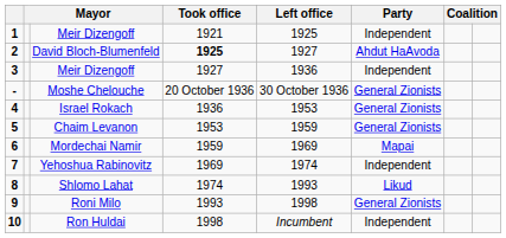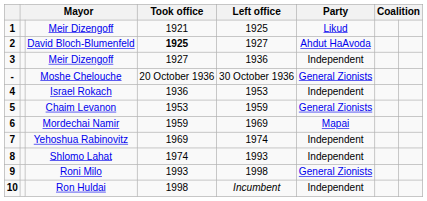 <table class="wikitable" style="text-align: center;">
 <tr>
 <th><br></th>
 <th colspan="2">Mayor</th>
 <th>Took office</th>
 <th>Left office</th>
 <th>Party</th>
 <th colspan="2">Coalition</th>
 </tr>
 <tr>
 <td rowspan="1" style="background: "><strong>1</strong></td>
 <td rowspan="1"></td>
 <td rowspan="1"><a href='#'>Meir Dizengoff</a></td>
 <td rowspan="1">1921</td>
 <td rowspan="1">1925</td>
-<td rowspan="1">Independent</td>
+<td rowspan="1"><a href='#'>Likud</a></td>
 <td style="background: "></td>
 <td></td>
 </tr>
 <tr>
 <td rowspan="1" style="background: "><strong>2</strong></td>
 <td rowspan="1"></td>
 <td rowspan="1"><a href='#'>David Bloch-Blumenfeld</a></td>
 <td rowspan="1"><strong>1925</strong></td>
 <td rowspan="1">1927</td>
 <td rowspan="1"><a href='#'>Ahdut HaAvoda</a></td>
 <td style="background: "></td>
 <td></td>
 </tr>
 <tr>
 <td rowspan="1" style="background: "><strong>3</strong></td>
 <td rowspan="1"></td>
 <td rowspan="1"><a href='#'>Meir Dizengoff</a></td>
 <td rowspan="1">1927</td>
 <td rowspan="1">1936</td>
 <td rowspan="1">Independent</td>
 <td style="background: "></td>
 <td></td>
 </tr>
 <tr>
 <td rowspan="1" style="background: "><strong>-</strong></td>
 <td rowspan="1"></td>
 <td rowspan="1"><a href='#'>Moshe Chelouche</a></td>
 <td rowspan="1">20 October 1936</td>
 <td rowspan="1">30 October 1936</td>
 <td rowspan="1"><a href='#'>General Zionists</a></td>
 <td style="background: "></td>
 <td></td>
 </tr>
 <tr>
 <td rowspan="1" style="background: "><strong>4</strong></td>
 <td rowspan="1"></td>
 <td rowspan="1"><a href='#'>Israel Rokach</a></td>
 <td rowspan="1">1936</td>
 <td rowspan="1">1953</td>
-<td rowspan="1"><a href='#'>General Zionists</a></td>
+<td rowspan="1">Independent</td>
 <td style="background: "></td>
 <td></td>
 </tr>
 <tr>
 <td rowspan="1" style="background: "><strong>5</strong></td>
 <td rowspan="1"></td>
 <td rowspan="1"><a href='#'>Chaim Levanon</a></td>
 <td rowspan="1">1953</td>
 <td rowspan="1">1959</td>
 <td rowspan="1"><a href='#'>General Zionists</a></td>
 <td style="background: "></td>
 <td></td>
 </tr>
 <tr>
 <td rowspan="1" style="background: "><strong>6</strong></td>
 <td rowspan="1"></td>
 <td rowspan="1"><a href='#'>Mordechai Namir</a></td>
 <td rowspan="1">1959</td>
 <td rowspan="1">1969</td>
 <td rowspan="1"><a href='#'>Mapai</a></td>
 <td style="background: "></td>
 <td></td>
 </tr>
 <tr>
 <td rowspan="1" style="background: "><strong>7</strong></td>
 <td rowspan="1"></td>
 <td rowspan="1"><a href='#'>Yehoshua Rabinovitz</a></td>
 <td rowspan="1">1969</td>
 <td rowspan="1">1974</td>
 <td rowspan="1">Independent</td>
 <td style="background: "></td>
 <td></td>
 </tr>
 <tr>
 <td rowspan="1" style="background: "><strong>8</strong></td>
 <td rowspan="1"></td>
 <td rowspan="1"><a href='#'>Shlomo Lahat</a></td>
 <td rowspan="1">1974</td>
 <td rowspan="1">1993</td>
-<td rowspan="1"><a href='#'>Likud</a></td>
+<td rowspan="1">Independent</td>
 <td style="background: "></td>
 <td></td>
 </tr>
 <tr>
 <td rowspan="1" style="background: "><strong>9</strong></td>
 <td rowspan="1"></td>
 <td rowspan="1"><a href='#'>Roni Milo</a></td>
 <td rowspan="1">1993</td>
 <td rowspan="1">1998</td>
 <td rowspan="1"><a href='#'>General Zionists</a></td>
 <td style="background: "></td>
 <td></td>
 </tr>
 <tr>
 <td rowspan="1" style="background: "><strong>10</strong></td>
 <td rowspan="1"></td>
 <td rowspan="1"><a href='#'>Ron Huldai</a></td>
 <td rowspan="1">1998</td>
 <td rowspan="1"><em>Incumbent</em></td>
 <td rowspan="1">Independent</td>
 <td style="background: "></td>
 <td></td>
 </tr>
 </table>
